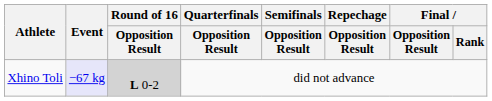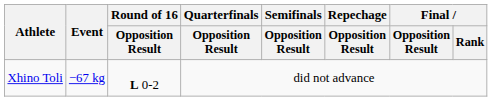 <table class="wikitable" style="font-size:90%">
 <tr>
 <th rowspan="2">Athlete</th>
 <th rowspan="2">Event</th>
 <th>Round of 16</th>
 <th>Quarterfinals</th>
 <th>Semifinals</th>
 <th>Repechage</th>
 <th colspan=2>Final / </th>
 </tr>
 <tr style="font-size:95%">
 <th>Opposition<br>Result</th>
 <th>Opposition<br>Result</th>
 <th>Opposition<br>Result</th>
 <th>Opposition<br>Result</th>
 <th>Opposition<br>Result</th>
 <th>Rank</th>
 </tr>
 <tr align=center>
 <td align=left><a href='#'>Xhino Toli</a></td>
-<td align=left style="background: lavender;"><a href='#'>−67 kg</a></td>
-<td style="background: lightgrey;"><br><strong>L</strong> 0-2</td>
+<td align=left><a href='#'>−67 kg</a></td>
+<td><br><strong>L</strong> 0-2</td>
 <td colspan=5>did not advance</td>
 </tr>
 </table>
